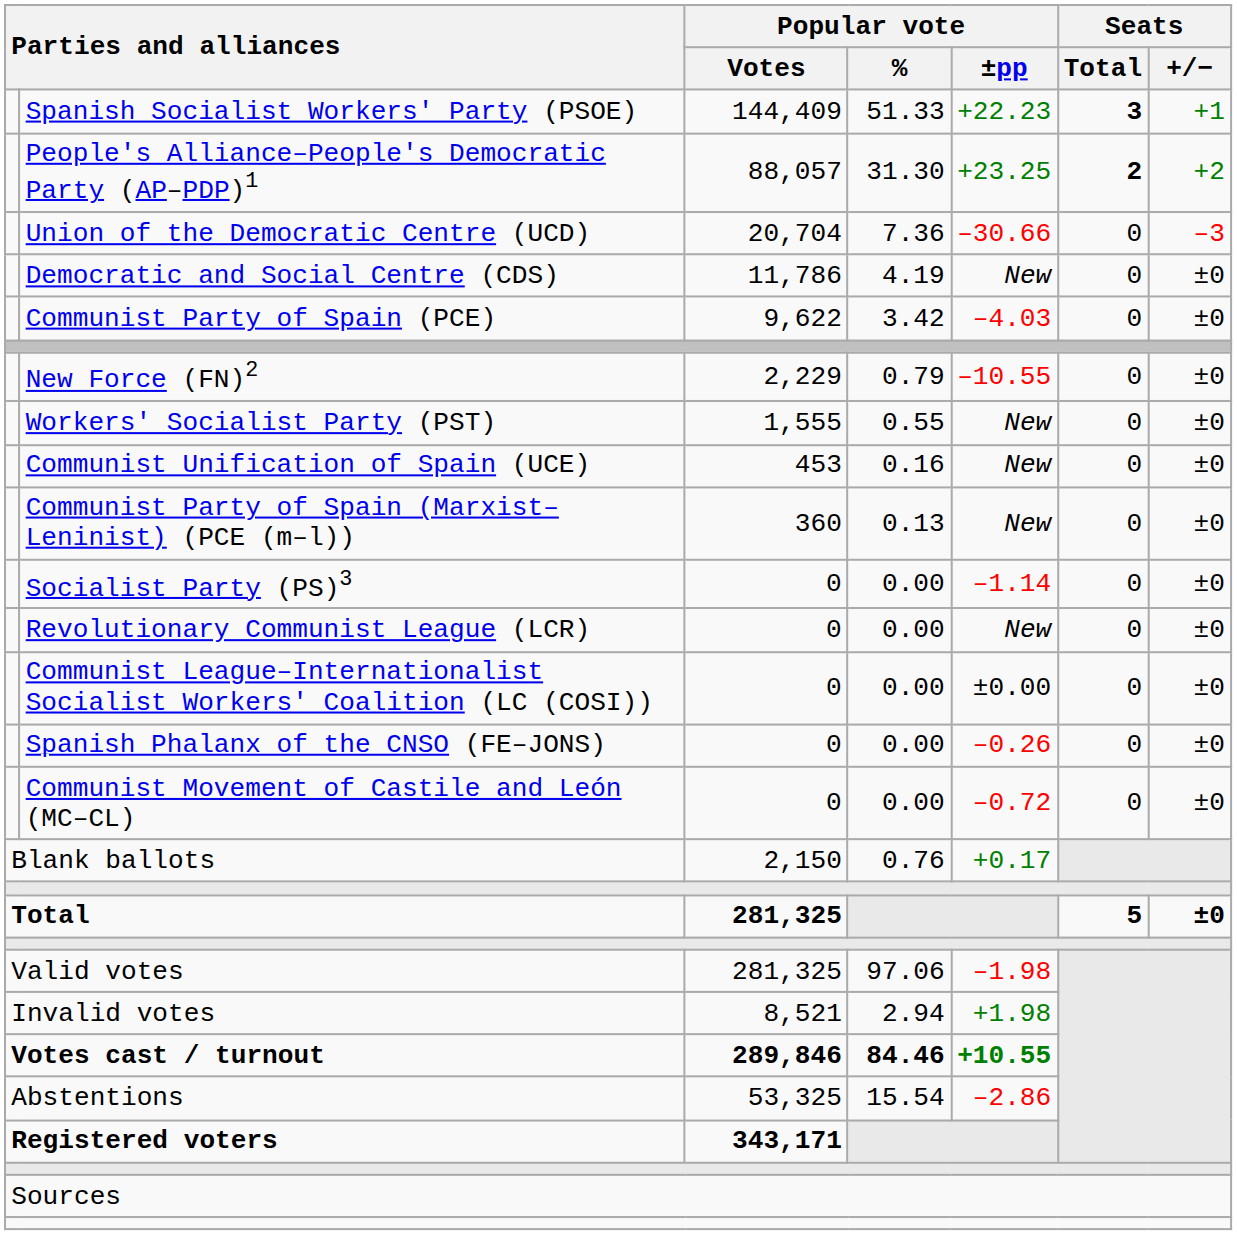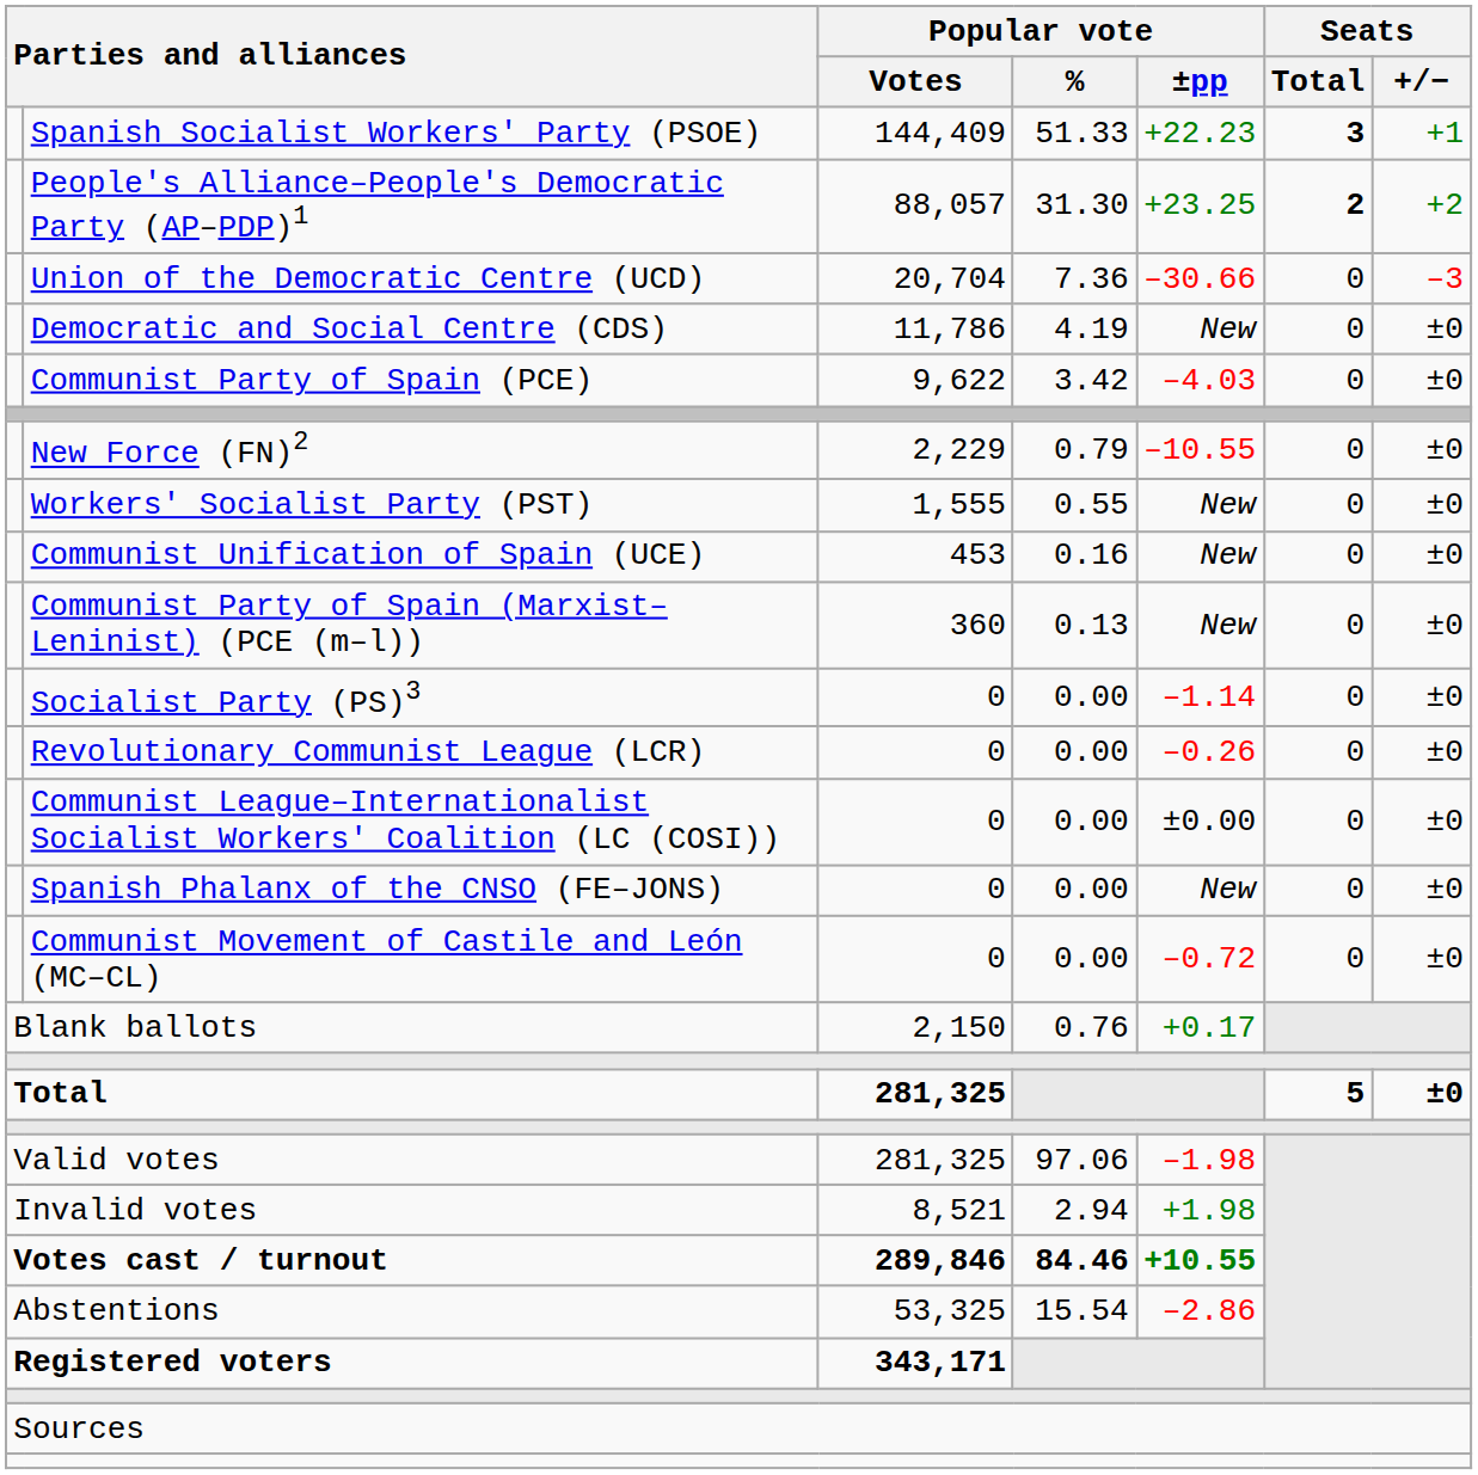 <table class="wikitable" style="text-align:right;">
 <tr>
 <th style="text-align:left;" rowspan="2" colspan="2" width="525">Parties and alliances</th>
 <th colspan="3">Popular vote</th>
 <th colspan="2">Seats</th>
 </tr>
 <tr>
 <th width="75">Votes</th>
 <th width="45">%</th>
 <th width="45">±<a href='#'>pp</a></th>
 <th width="35">Total</th>
 <th width="35">+/−</th>
 </tr>
 <tr>
 <td width="1" style="color:inherit;background:"></td>
 <td align="left"><a href='#'>Spanish Socialist Workers' Party</a> (PSOE)</td>
 <td>144,409</td>
 <td>51.33</td>
 <td style="color:green;">+22.23</td>
 <td><strong>3</strong></td>
 <td style="color:green;">+1</td>
 </tr>
 <tr>
 <td style="color:inherit;background:"></td>
 <td align="left"><a href='#'>People's Alliance–People's Democratic Party</a> (<a href='#'>AP</a>–<a href='#'>PDP</a>)<sup>1</sup></td>
 <td>88,057</td>
 <td>31.30</td>
 <td style="color:green;">+23.25</td>
 <td><strong>2</strong></td>
 <td style="color:green;">+2</td>
 </tr>
 <tr>
 <td style="color:inherit;background:"></td>
 <td align="left"><a href='#'>Union of the Democratic Centre</a> (UCD)</td>
 <td>20,704</td>
 <td>7.36</td>
 <td style="color:red;">–30.66</td>
 <td>0</td>
 <td style="color:red;">–3</td>
 </tr>
 <tr>
 <td style="color:inherit;background:"></td>
 <td align="left"><a href='#'>Democratic and Social Centre</a> (CDS)</td>
 <td>11,786</td>
 <td>4.19</td>
 <td><em>New</em></td>
 <td>0</td>
 <td>±0</td>
 </tr>
 <tr>
 <td style="color:inherit;background:"></td>
 <td align="left"><a href='#'>Communist Party of Spain</a> (PCE)</td>
 <td>9,622</td>
 <td>3.42</td>
 <td style="color:red;">–4.03</td>
 <td>0</td>
 <td>±0</td>
 </tr>
 <tr>
 <td colspan="7" bgcolor="#C0C0C0"></td>
 </tr>
 <tr>
 <td style="color:inherit;background:"></td>
 <td align="left"><a href='#'>New Force</a> (FN)<sup>2</sup></td>
 <td>2,229</td>
 <td>0.79</td>
 <td style="color:red;">–10.55</td>
 <td>0</td>
 <td>±0</td>
 </tr>
 <tr>
 <td style="color:inherit;background:"></td>
 <td align="left"><a href='#'>Workers' Socialist Party</a> (PST)</td>
 <td>1,555</td>
 <td>0.55</td>
 <td><em>New</em></td>
 <td>0</td>
 <td>±0</td>
 </tr>
 <tr>
 <td style="color:inherit;background:"></td>
 <td align="left"><a href='#'>Communist Unification of Spain</a> (UCE)</td>
 <td>453</td>
 <td>0.16</td>
 <td><em>New</em></td>
 <td>0</td>
 <td>±0</td>
 </tr>
 <tr>
 <td style="color:inherit;background:"></td>
 <td align="left"><a href='#'>Communist Party of Spain (Marxist–Leninist)</a> (PCE (m–l))</td>
 <td>360</td>
 <td>0.13</td>
 <td><em>New</em></td>
 <td>0</td>
 <td>±0</td>
 </tr>
 <tr>
 <td style="color:inherit;background:"></td>
 <td align="left"><a href='#'>Socialist Party</a> (PS)<sup>3</sup></td>
 <td>0</td>
 <td>0.00</td>
 <td style="color:red;">–1.14</td>
 <td>0</td>
 <td>±0</td>
 </tr>
 <tr>
 <td style="color:inherit;background:"></td>
 <td align="left"><a href='#'>Revolutionary Communist League</a> (LCR)</td>
 <td>0</td>
 <td>0.00</td>
-<td><em>New</em></td>
+<td style="color:red;">–0.26</td>
 <td>0</td>
 <td>±0</td>
 </tr>
 <tr>
 <td style="color:inherit;background:"></td>
 <td align="left"><a href='#'>Communist League–Internationalist Socialist Workers' Coalition</a> (LC (COSI))</td>
 <td>0</td>
 <td>0.00</td>
 <td>±0.00</td>
 <td>0</td>
 <td>±0</td>
 </tr>
 <tr>
 <td style="color:inherit;background:"></td>
 <td align="left"><a href='#'>Spanish Phalanx of the CNSO</a> (FE–JONS)</td>
 <td>0</td>
 <td>0.00</td>
-<td style="color:red;">–0.26</td>
+<td><em>New</em></td>
 <td>0</td>
 <td>±0</td>
 </tr>
 <tr>
 <td style="color:inherit;background:"></td>
 <td align="left"><a href='#'>Communist Movement of Castile and León</a> (MC–CL)</td>
 <td>0</td>
 <td>0.00</td>
 <td style="color:red;">–0.72</td>
 <td>0</td>
 <td>±0</td>
 </tr>
 <tr>
 <td align="left" colspan="2">Blank ballots</td>
 <td>2,150</td>
 <td>0.76</td>
 <td style="color:green;">+0.17</td>
 <td bgcolor="#E9E9E9" colspan="2"></td>
 </tr>
 <tr>
 <td colspan="7" bgcolor="#E9E9E9"></td>
 </tr>
 <tr style="font-weight:bold;">
 <td align="left" colspan="2">Total</td>
 <td>281,325</td>
 <td bgcolor="#E9E9E9" colspan="2"></td>
 <td>5</td>
 <td>±0</td>
 </tr>
 <tr>
 <td colspan="7" bgcolor="#E9E9E9"></td>
 </tr>
 <tr>
 <td align="left" colspan="2">Valid votes</td>
 <td>281,325</td>
 <td>97.06</td>
 <td style="color:red;">–1.98</td>
 <td bgcolor="#E9E9E9" colspan="2" rowspan="5"></td>
 </tr>
 <tr>
 <td align="left" colspan="2">Invalid votes</td>
 <td>8,521</td>
 <td>2.94</td>
 <td style="color:green;">+1.98</td>
 </tr>
 <tr style="font-weight:bold;">
 <td align="left" colspan="2">Votes cast / turnout</td>
 <td>289,846</td>
 <td>84.46</td>
 <td style="color:green;">+10.55</td>
 </tr>
 <tr>
 <td align="left" colspan="2">Abstentions</td>
 <td>53,325</td>
 <td>15.54</td>
 <td style="color:red;">–2.86</td>
 </tr>
 <tr style="font-weight:bold;">
 <td align="left" colspan="2">Registered voters</td>
 <td>343,171</td>
 <td bgcolor="#E9E9E9" colspan="2"></td>
 </tr>
 <tr>
 <td colspan="7" bgcolor="#E9E9E9"></td>
 </tr>
 <tr>
 <td align="left" colspan="7">Sources</td>
 </tr>
 <tr>
 <td colspan="7" style="text-align:left; max-width:790px;"></td>
 </tr>
 </table>
